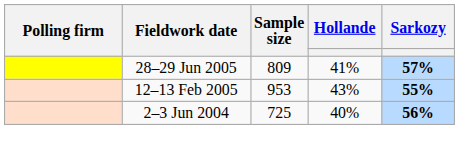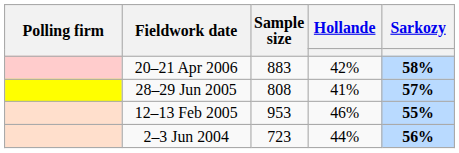 <table class="wikitable sortable" style="text-align:center;font-size:90%;line-height:14px;">
 <tr style="height:40px;">
 <th style="width:100px;" rowspan="2">Polling firm</th>
 <th style="width:110px;" rowspan="2">Fieldwork date</th>
 <th style="width:35px;" rowspan="2">Sample<br>size</th>
 <th class="unsortable" style="width:60px;"><a href='#'>Hollande</a><br></th>
 <th class="unsortable" style="width:60px;"><a href='#'>Sarkozy</a><br></th>
 </tr>
 <tr>
 <th style="background:"></th>
 <th style="background:"></th>
 </tr>
 <tr>
+<td style="background:#FFCCCC;"></td>
+<td data-sort-value="2006-04-21">20–21 Apr 2006</td>
+<td>883</td>
+<td>42%</td>
+<td style="background:#B9DAFF;"><strong>58%</strong></td>
+</tr>
+<tr>
 <td style="background:yellow;"></td>
 <td data-sort-value="2005-06-29">28–29 Jun 2005</td>
-<td>809</td>
+<td>808</td>
 <td>41%</td>
 <td style="background:#B9DAFF;"><strong>57%</strong></td>
 </tr>
 <tr>
 <td style="background:#FFDFCC;"></td>
 <td data-sort-value="2005-02-13">12–13 Feb 2005</td>
 <td>953</td>
-<td>43%</td>
+<td>46%</td>
 <td style="background:#B9DAFF;"><strong>55%</strong></td>
 </tr>
 <tr>
 <td style="background:#FFDFCC;"></td>
 <td data-sort-value="2004-06-03">2–3 Jun 2004</td>
-<td>725</td>
-<td>40%</td>
+<td>723</td>
+<td>44%</td>
 <td style="background:#B9DAFF;"><strong>56%</strong></td>
 </tr>
 </table>
